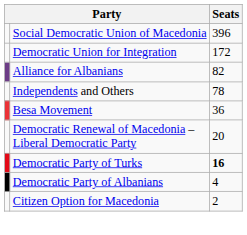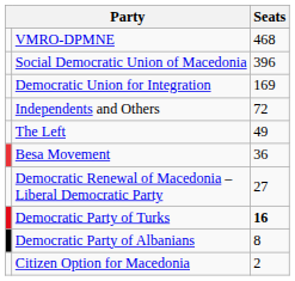 <table class="wikitable unsortable">
 <tr style="background: #efefef;">
 <th colspan="2">Party</th>
 <th>Seats</th>
+</tr>
+<tr>
+<td style="background:"></td>
+<td><a href='#'>VMRO-DPMNE</a></td>
+<td>468</td>
 </tr>
 <tr>
 <td style="background:"></td>
 <td><a href='#'>Social Democratic Union of Macedonia</a></td>
 <td>396</td>
 </tr>
 <tr>
 <td style="background:"></td>
 <td><a href='#'>Democratic Union for Integration</a></td>
-<td>172</td>
-</tr>
-<tr>
-<td style="background:#6D3D87;"></td>
-<td><a href='#'>Alliance for Albanians</a></td>
-<td>82</td>
+<td>169</td>
 </tr>
 <tr>
 <td style="background:"></td>
 <td><a href='#'>Independents</a> and Others</td>
-<td>78</td>
+<td>72</td>
+</tr>
+<tr>
+<td style="background:"></td>
+<td><a href='#'>The Left</a></td>
+<td>49</td>
 </tr>
 <tr>
 <td style="background:#EB3237;"></td>
 <td><a href='#'>Besa Movement</a></td>
 <td>36</td>
 </tr>
 <tr>
 <td style="background:"></td>
 <td><a href='#'>Democratic Renewal of Macedonia</a> – <br><a href='#'>Liberal Democratic Party</a></td>
-<td>20</td>
+<td>27</td>
 </tr>
 <tr>
 <td style="background:#e30a18;"></td>
 <td><a href='#'>Democratic Party of Turks</a></td>
 <td><strong>16</strong></td>
 </tr>
 <tr>
 <td style="background:#000000;"></td>
 <td><a href='#'>Democratic Party of Albanians</a></td>
-<td>4</td>
+<td>8</td>
 </tr>
 <tr>
 <td style="background:"></td>
 <td><a href='#'>Citizen Option for Macedonia</a></td>
 <td>2</td>
 </tr>
 </table>
